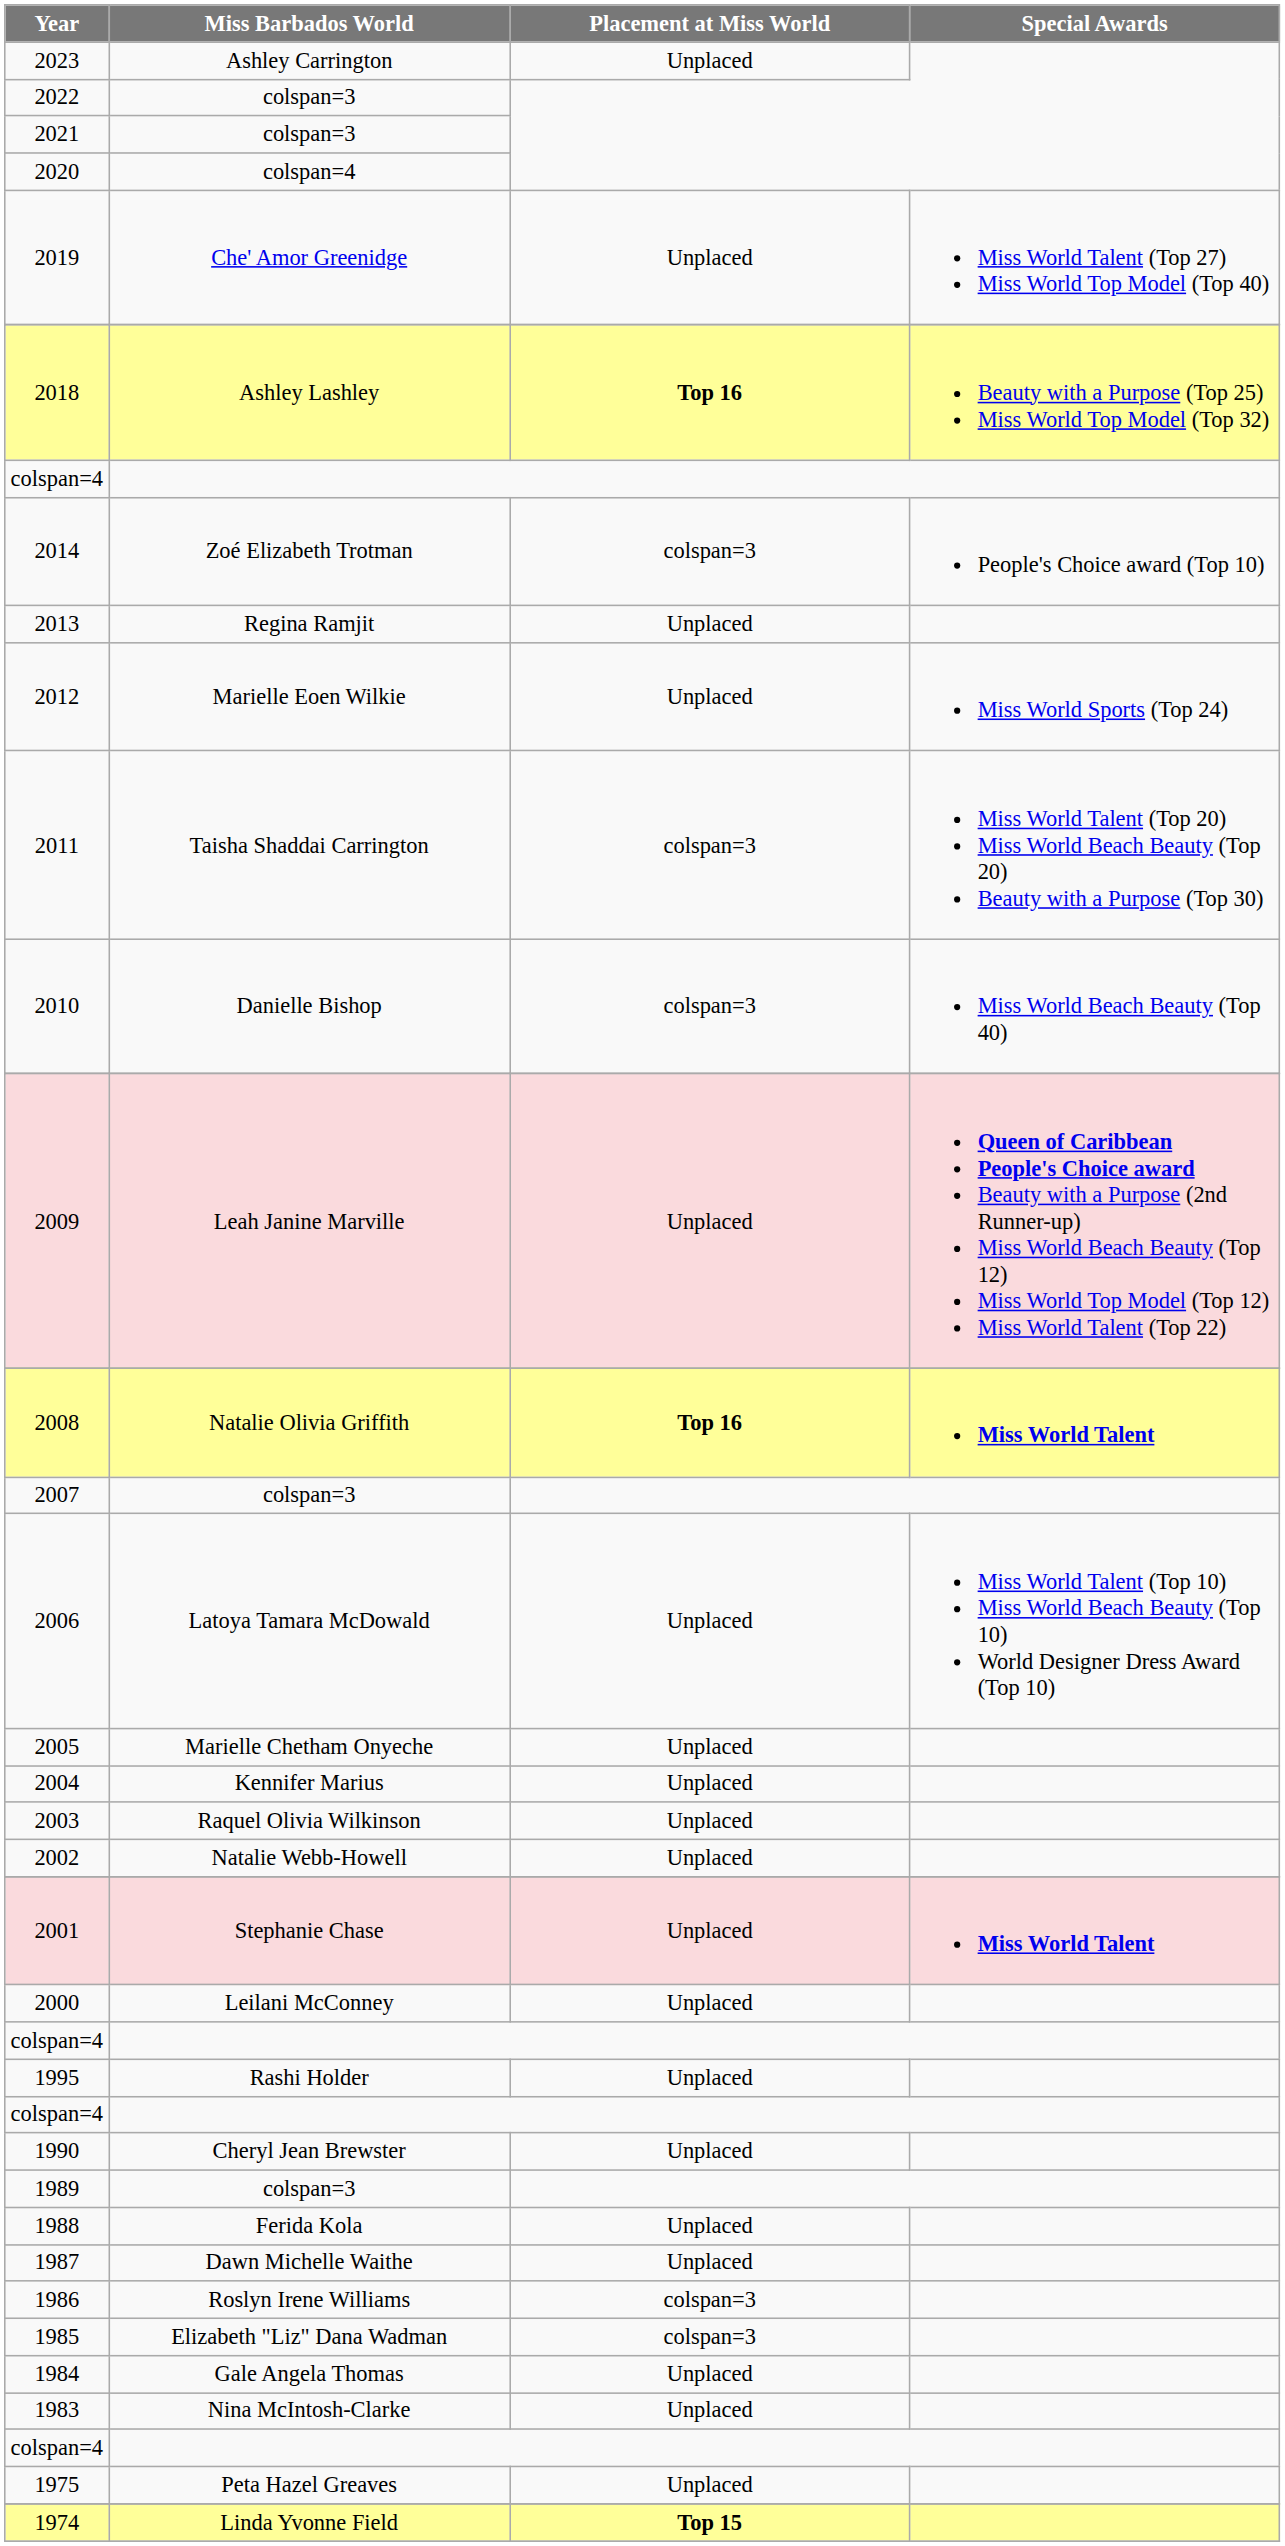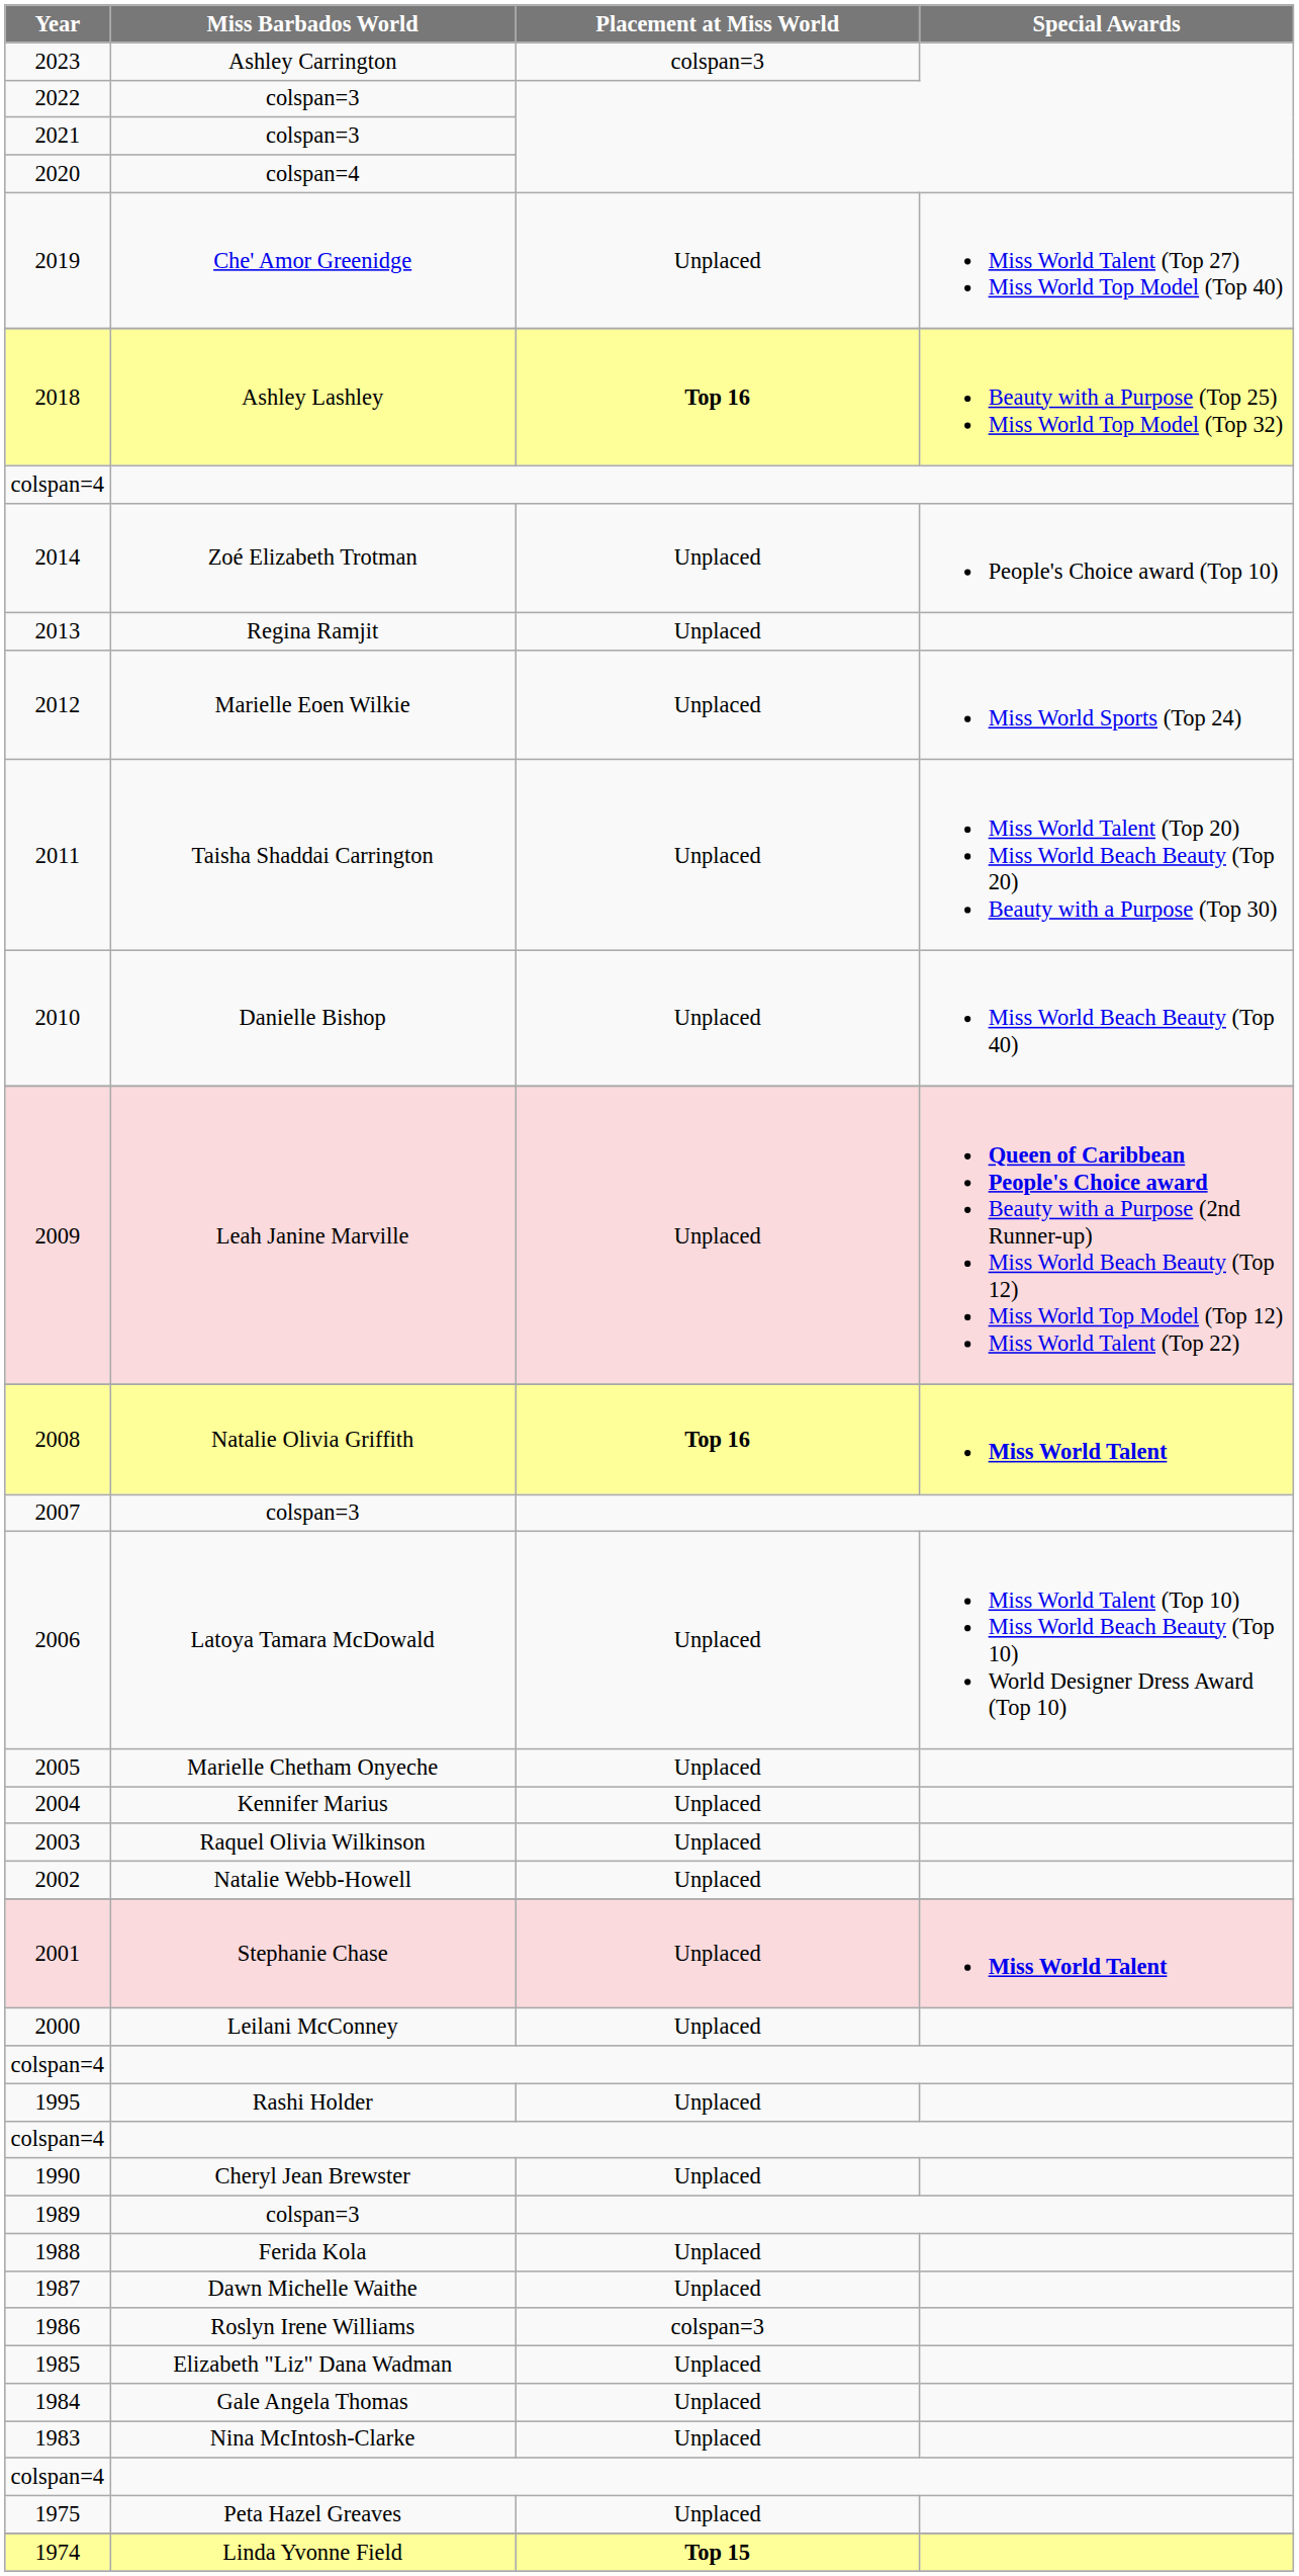 <table class="wikitable" style="font-size: 90%; text-align:center">
 <tr>
 <th width="60" style="background-color:#787878;color:#FFFFFF;">Year</th>
 <th width="250" style="background-color:#787878;color:#FFFFFF;">Miss Barbados World</th>
 <th width="250" style="background-color:#787878;color:#FFFFFF;">Placement at Miss World</th>
 <th width="230" style="background-color:#787878;color:#FFFFFF;">Special Awards</th>
 </tr>
 <tr>
 <td>2023</td>
 <td>Ashley Carrington</td>
-<td>Unplaced</td>
+<td>colspan=3 </td>
 </tr>
 <tr>
 <td>2022</td>
 <td>colspan=3 </td>
 </tr>
 <tr>
 <td>2021</td>
 <td>colspan=3 </td>
 </tr>
 <tr>
 <td>2020</td>
 <td>colspan=4 </td>
 </tr>
 <tr>
 <td>2019</td>
 <td><a href='#'>Che' Amor Greenidge</a></td>
 <td>Unplaced</td>
 <td align="left"><br><ul><li><a href='#'>Miss World Talent</a> (Top 27)</li><li><a href='#'>Miss World Top Model</a> (Top 40)</li></ul></td>
 </tr>
 <tr>
 </tr>
 <tr style="background-color:#FFFF99; ">
 <td>2018</td>
 <td>Ashley Lashley</td>
 <td><strong>Top 16</strong></td>
 <td align="left"><br><ul><li><a href='#'>Beauty with a Purpose</a> (Top 25)</li><li><a href='#'>Miss World Top Model</a> (Top 32)</li></ul></td>
 </tr>
 <tr>
 <td>colspan=4 </td>
 </tr>
 <tr>
 <td>2014</td>
 <td>Zoé Elizabeth Trotman</td>
-<td>colspan=3 </td>
+<td>Unplaced</td>
 <td align="left"><br><ul><li>People's Choice award (Top 10)</li></ul></td>
 </tr>
 <tr>
 <td>2013</td>
 <td>Regina Ramjit</td>
 <td>Unplaced</td>
 <td></td>
 </tr>
 <tr>
 <td>2012</td>
 <td>Marielle Eoen Wilkie</td>
 <td>Unplaced</td>
 <td align="left"><br><ul><li><a href='#'>Miss World Sports</a> (Top 24)</li></ul></td>
 </tr>
 <tr>
 <td>2011</td>
 <td>Taisha Shaddai Carrington</td>
-<td>colspan=3 </td>
+<td>Unplaced</td>
 <td align="left"><br><ul><li><a href='#'>Miss World Talent</a> (Top 20)</li><li><a href='#'>Miss World Beach Beauty</a> (Top 20)</li><li><a href='#'>Beauty with a Purpose</a> (Top 30)</li></ul></td>
 </tr>
 <tr>
 <td>2010</td>
 <td>Danielle Bishop</td>
-<td>colspan=3 </td>
+<td>Unplaced</td>
 <td align="left"><br><ul><li><a href='#'>Miss World Beach Beauty</a> (Top 40)</li></ul></td>
 </tr>
 <tr>
 </tr>
 <tr style="background-color:#FADADD; ">
 <td>2009</td>
 <td>Leah Janine Marville</td>
 <td>Unplaced</td>
 <td align="left"><br><ul><li><strong><a href='#'>Queen of Caribbean</a></strong></li><li><strong><a href='#'>People's Choice award</a></strong></li><li><a href='#'>Beauty with a Purpose</a> (2nd Runner-up)</li><li><a href='#'>Miss World Beach Beauty</a> (Top 12)</li><li><a href='#'>Miss World Top Model</a> (Top 12)</li><li><a href='#'>Miss World Talent</a> (Top 22)</li></ul></td>
 </tr>
 <tr>
 </tr>
 <tr style="background-color:#FFFF99; ">
 <td>2008</td>
 <td>Natalie Olivia Griffith</td>
 <td><strong>Top 16</strong></td>
 <td align="left"><br><ul><li><strong><a href='#'>Miss World Talent</a></strong></li></ul></td>
 </tr>
 <tr>
 <td>2007</td>
 <td>colspan=3 </td>
 </tr>
 <tr>
 <td>2006</td>
 <td>Latoya Tamara McDowald</td>
 <td>Unplaced</td>
 <td align="left"><br><ul><li><a href='#'>Miss World Talent</a> (Top 10)</li><li><a href='#'>Miss World Beach Beauty</a> (Top 10)</li><li>World Designer Dress Award (Top 10)</li></ul></td>
 </tr>
 <tr>
 <td>2005</td>
 <td>Marielle Chetham Onyeche</td>
 <td>Unplaced</td>
 <td></td>
 </tr>
 <tr>
 <td>2004</td>
 <td>Kennifer Marius</td>
 <td>Unplaced</td>
 <td></td>
 </tr>
 <tr>
 <td>2003</td>
 <td>Raquel Olivia Wilkinson</td>
 <td>Unplaced</td>
 <td></td>
 </tr>
 <tr>
 <td>2002</td>
 <td>Natalie Webb-Howell</td>
 <td>Unplaced</td>
 <td></td>
 </tr>
 <tr>
 </tr>
 <tr style="background-color:#FADADD; ">
 <td>2001</td>
 <td>Stephanie Chase</td>
 <td>Unplaced</td>
 <td align="left"><br><ul><li><strong><a href='#'>Miss World Talent</a></strong></li></ul></td>
 </tr>
 <tr>
 <td>2000</td>
 <td>Leilani McConney</td>
 <td>Unplaced</td>
 <td></td>
 </tr>
 <tr>
 <td>colspan=4 </td>
 </tr>
 <tr>
 <td>1995</td>
 <td>Rashi Holder</td>
 <td>Unplaced</td>
 <td></td>
 </tr>
 <tr>
 <td>colspan=4 </td>
 </tr>
 <tr>
 <td>1990</td>
 <td>Cheryl Jean Brewster</td>
 <td>Unplaced</td>
 <td></td>
 </tr>
 <tr>
 <td>1989</td>
 <td>colspan=3 </td>
 </tr>
 <tr>
 <td>1988</td>
 <td>Ferida Kola</td>
 <td>Unplaced</td>
 <td></td>
 </tr>
 <tr>
 <td>1987</td>
 <td>Dawn Michelle Waithe</td>
 <td>Unplaced</td>
 <td></td>
 </tr>
 <tr>
 <td>1986</td>
 <td>Roslyn Irene Williams</td>
 <td>colspan=3 </td>
 <td></td>
 </tr>
 <tr>
 <td>1985</td>
 <td>Elizabeth "Liz" Dana Wadman</td>
-<td>colspan=3 </td>
+<td>Unplaced</td>
 <td></td>
 </tr>
 <tr>
 <td>1984</td>
 <td>Gale Angela Thomas</td>
 <td>Unplaced</td>
 <td></td>
 </tr>
 <tr>
 <td>1983</td>
 <td>Nina McIntosh-Clarke</td>
 <td>Unplaced</td>
 <td></td>
 </tr>
 <tr>
 <td>colspan=4 </td>
 </tr>
 <tr>
 <td>1975</td>
 <td>Peta Hazel Greaves</td>
 <td>Unplaced</td>
 <td></td>
 </tr>
 <tr>
 </tr>
 <tr style="background-color:#FFFF99; ">
 <td>1974</td>
 <td>Linda Yvonne Field</td>
 <td><strong>Top 15</strong></td>
 <td></td>
 </tr>
 <tr>
 </tr>
 </table>
